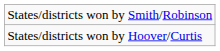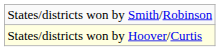 <table class="wikitable">
 <tr>
 <td>States/districts won by <a href='#'>Smith</a>/<a href='#'>Robinson</a></td>
 </tr>
 <tr>
-<td>States/districts won by <a href='#'>Hoover</a>/<a href='#'>Curtis</a></td>
+<td style="background: lightyellow;">States/districts won by <a href='#'>Hoover</a>/<a href='#'>Curtis</a></td>
 </tr>
 </table>
